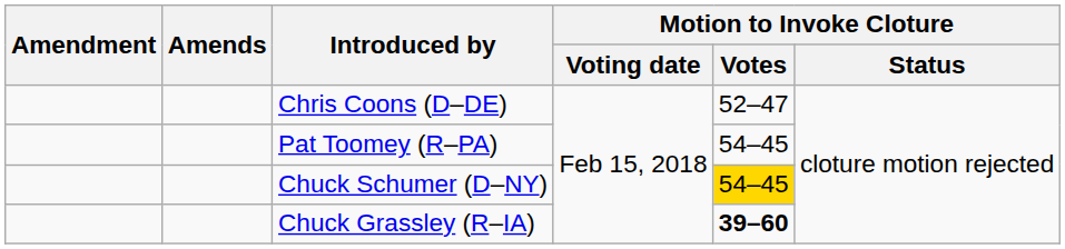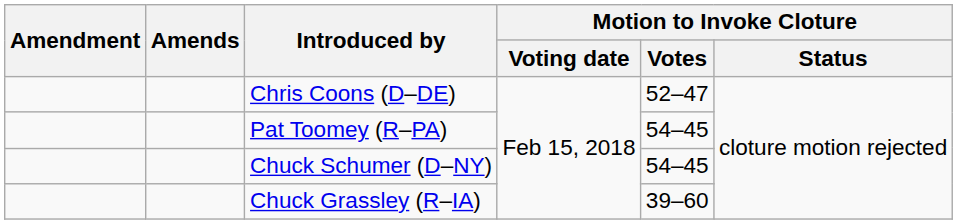 <table class="wikitable">
 <tr>
 <th rowspan=2>Amendment</th>
 <th rowspan=2>Amends</th>
 <th rowspan=2>Introduced by</th>
 <th colspan=3>Motion to Invoke Cloture</th>
 </tr>
 <tr>
 <th>Voting date</th>
 <th>Votes</th>
 <th>Status</th>
 </tr>
 <tr>
 <td></td>
 <td></td>
 <td><a href='#'>Chris Coons</a> (<a href='#'>D</a>–<a href='#'>DE</a>)</td>
 <td rowspan=4>Feb 15, 2018</td>
 <td>52–47</td>
 <td rowspan=4>cloture motion rejected</td>
 </tr>
 <tr>
 <td></td>
 <td></td>
 <td><a href='#'>Pat Toomey</a> (<a href='#'>R</a>–<a href='#'>PA</a>)</td>
 <td>54–45</td>
 </tr>
 <tr>
 <td></td>
 <td></td>
 <td><a href='#'>Chuck Schumer</a> (<a href='#'>D</a>–<a href='#'>NY</a>)</td>
-<td style="background: gold;">54–45</td>
+<td>54–45</td>
 </tr>
 <tr>
 <td></td>
 <td></td>
 <td><a href='#'>Chuck Grassley</a> (<a href='#'>R</a>–<a href='#'>IA</a>)</td>
-<td><strong>39–60</strong></td>
+<td>39–60</td>
 </tr>
 </table>
